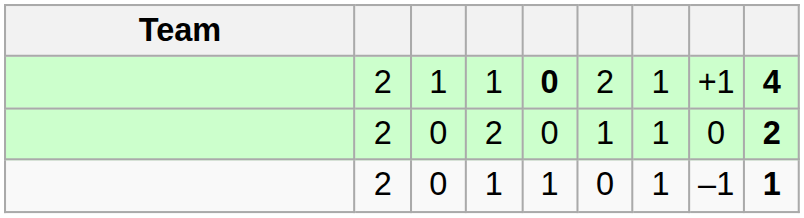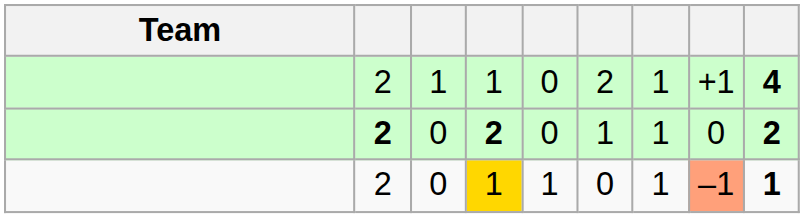 <table class="wikitable" style="text-align: center;">
 <tr>
 <th width="165">Team</th>
 <th width="20"></th>
 <th width="20"></th>
 <th width="20"></th>
 <th width="20"></th>
 <th width="20"></th>
 <th width="20"></th>
 <th width="20"></th>
 <th width="20"></th>
 </tr>
 <tr bgcolor=ccffcc>
 <td style="text-align:left;"></td>
 <td>2</td>
 <td>1</td>
 <td>1</td>
-<td><strong>0</strong></td>
+<td>0</td>
 <td>2</td>
 <td>1</td>
 <td>+1</td>
 <td><strong>4</strong></td>
 </tr>
 <tr bgcolor=ccffcc>
 <td style="text-align:left;"></td>
-<td>2</td>
+<td><strong>2</strong></td>
 <td>0</td>
-<td>2</td>
+<td><strong>2</strong></td>
 <td>0</td>
 <td>1</td>
 <td>1</td>
 <td>0</td>
 <td><strong>2</strong></td>
 </tr>
 <tr>
 <td style="text-align:left;"></td>
 <td>2</td>
 <td>0</td>
-<td>1</td>
+<td style="background: gold;">1</td>
 <td>1</td>
 <td>0</td>
 <td>1</td>
-<td>–1</td>
+<td style="background: lightsalmon;">–1</td>
 <td><strong>1</strong></td>
 </tr>
 </table>
